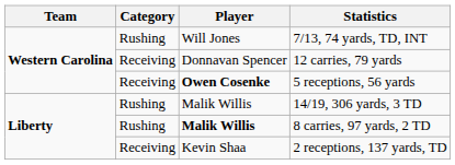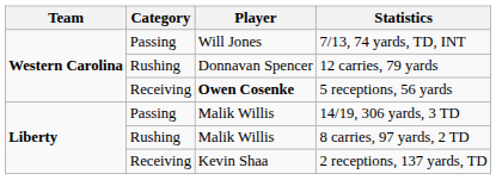 <table class="wikitable" style="float: left;">
 <tr>
 <th>Team</th>
 <th>Category</th>
 <th>Player</th>
 <th>Statistics</th>
 </tr>
 <tr>
 <td rowspan=3><strong>Western Carolina</strong></td>
-<td>Rushing</td>
+<td>Passing</td>
 <td>Will Jones</td>
 <td>7/13, 74 yards, TD, INT</td>
 </tr>
 <tr>
-<td>Receiving</td>
+<td>Rushing</td>
 <td>Donnavan Spencer</td>
 <td>12 carries, 79 yards</td>
 </tr>
 <tr>
 <td>Receiving</td>
 <td><strong>Owen Cosenke</strong></td>
 <td>5 receptions, 56 yards</td>
 </tr>
 <tr>
 <td rowspan=3><strong>Liberty</strong></td>
-<td>Rushing</td>
+<td>Passing</td>
 <td>Malik Willis</td>
 <td>14/19, 306 yards, 3 TD</td>
 </tr>
 <tr>
 <td>Rushing</td>
-<td><strong>Malik Willis</strong></td>
+<td>Malik Willis</td>
 <td>8 carries, 97 yards, 2 TD</td>
 </tr>
 <tr>
 <td>Receiving</td>
 <td>Kevin Shaa</td>
 <td>2 receptions, 137 yards, TD</td>
 </tr>
 </table>
